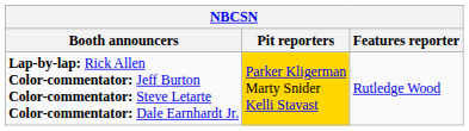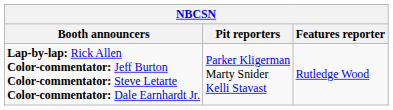 <table class="wikitable" style="font-size: 95%">
 <tr>
 <th colspan="3"><a href='#'>NBCSN</a></th>
 </tr>
 <tr>
 <th>Booth announcers</th>
 <th>Pit reporters</th>
 <th>Features reporter</th>
 </tr>
 <tr>
 <td><strong>Lap-by-lap:</strong> <a href='#'>Rick Allen</a><br><strong>Color-commentator:</strong> <a href='#'>Jeff Burton</a><br><strong>Color-commentator:</strong> <a href='#'>Steve Letarte</a><br><strong>Color-commentator:</strong> <a href='#'>Dale Earnhardt Jr.</a></td>
-<td style="background: gold;"><a href='#'>Parker Kligerman</a><br>Marty Snider<br><a href='#'>Kelli Stavast</a></td>
+<td><a href='#'>Parker Kligerman</a><br>Marty Snider<br><a href='#'>Kelli Stavast</a></td>
 <td><a href='#'>Rutledge Wood</a></td>
 </tr>
 </table>
